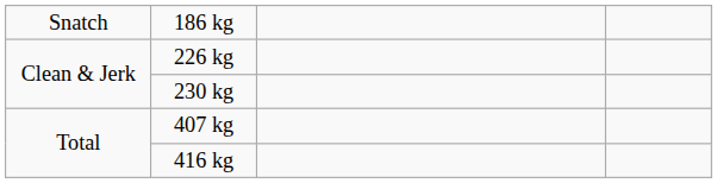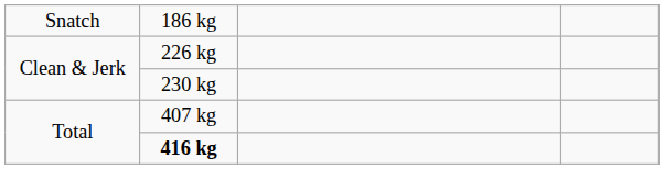 <table class = "wikitable" style="text-align:center;">
 <tr>
 <td width=100 rowspan=1>Snatch</td>
 <td width=70>186 kg</td>
 <td width=250 align=left></td>
 <td width=70></td>
 </tr>
 <tr>
 <td rowspan=2>Clean & Jerk</td>
 <td>226 kg</td>
 <td width=250 align=left></td>
 <td></td>
 </tr>
 <tr>
 <td>230 kg</td>
 <td width=250 align=left></td>
 <td></td>
 </tr>
 <tr>
 <td rowspan=2>Total</td>
 <td>407 kg</td>
 <td width=250 align=left></td>
 <td></td>
 </tr>
 <tr>
-<td>416 kg</td>
+<td><strong>416 kg</strong></td>
 <td width=250 align=left></td>
 <td></td>
 </tr>
 </table>
